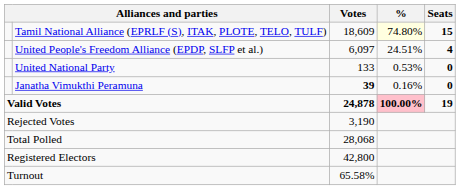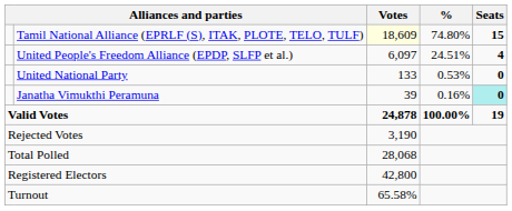 <table class="wikitable" border="1" style="text-align:right;">
 <tr>
 <th valign=bottom align=left colspan=2>Alliances and parties</th>
 <th valign=bottom align=center width="60">Votes</th>
 <th valign=bottom align=center width="50">%</th>
 <th valign=bottom align=center>Seats</th>
 </tr>
 <tr>
 <td bgcolor=> </td>
 <td align=left><a href='#'>Tamil National Alliance</a> (<a href='#'>EPRLF (S)</a>, <a href='#'>ITAK</a>, <a href='#'>PLOTE</a>, <a href='#'>TELO</a>, <a href='#'>TULF</a>)</td>
-<td>18,609</td>
-<td style="background: lightyellow;">74.80%</td>
+<td style="background: lightyellow;">18,609</td>
+<td>74.80%</td>
 <td><strong>15</strong></td>
 </tr>
 <tr>
 <td bgcolor=> </td>
 <td align=left><a href='#'>United People's Freedom Alliance</a> (<a href='#'>EPDP</a>, <a href='#'>SLFP</a> et al.)</td>
 <td>6,097</td>
 <td>24.51%</td>
 <td><strong>4</strong></td>
 </tr>
 <tr>
 <td bgcolor=> </td>
 <td align=left><a href='#'>United National Party</a></td>
 <td>133</td>
 <td>0.53%</td>
 <td><strong>0</strong></td>
 </tr>
 <tr>
 <td bgcolor=> </td>
 <td align=left><a href='#'>Janatha Vimukthi Peramuna</a></td>
-<td><strong>39</strong></td>
+<td>39</td>
 <td>0.16%</td>
-<td><strong>0</strong></td>
+<td style="background: paleturquoise;"><strong>0</strong></td>
 </tr>
 <tr>
 <td colspan=2 align=left><strong>Valid Votes</strong></td>
 <td><strong>24,878</strong></td>
-<td style="background: pink;"><strong>100.00%</strong></td>
+<td><strong>100.00%</strong></td>
 <td><strong>19</strong></td>
 </tr>
 <tr>
 <td colspan=2 align=left>Rejected Votes</td>
 <td>3,190</td>
 <td colspan=2></td>
 </tr>
 <tr>
 <td colspan=2 align=left>Total Polled</td>
 <td>28,068</td>
 <td colspan=2></td>
 </tr>
 <tr>
 <td colspan=2 align=left>Registered Electors</td>
 <td>42,800</td>
 <td colspan=2></td>
 </tr>
 <tr>
 <td colspan=2 align=left>Turnout</td>
 <td>65.58%</td>
 <td colspan=2></td>
 </tr>
 </table>
